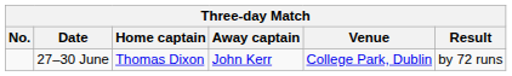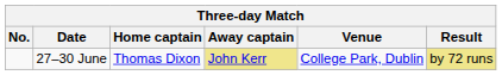 <table class="wikitable">
 <tr>
 <th colspan="9">Three-day Match</th>
 </tr>
 <tr>
 <th>No.</th>
 <th>Date</th>
 <th>Home captain</th>
 <th>Away captain</th>
 <th>Venue</th>
 <th>Result</th>
 </tr>
 <tr>
 <td></td>
 <td>27–30 June</td>
 <td><a href='#'>Thomas Dixon</a></td>
-<td><a href='#'>John Kerr</a></td>
+<td style="background: khaki;"><a href='#'>John Kerr</a></td>
 <td><a href='#'>College Park, Dublin</a></td>
-<td> by 72 runs</td>
+<td style="background: khaki;"> by 72 runs</td>
 </tr>
 </table>
